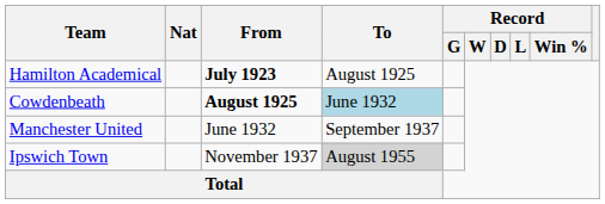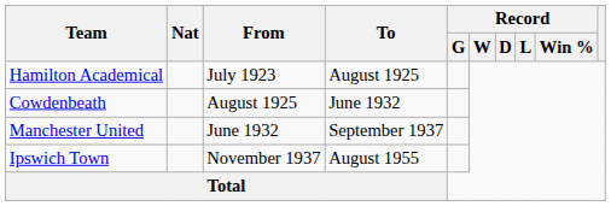 <table class="wikitable" style="text-align:left">
 <tr>
 <th rowspan="2">Team</th>
 <th rowspan="2">Nat</th>
 <th rowspan="2">From</th>
 <th rowspan="2">To</th>
 <th colspan="5">Record</th>
 <th rowspan="2"></th>
 </tr>
 <tr>
 <th>G</th>
 <th>W</th>
 <th>D</th>
 <th>L</th>
 <th>Win %</th>
 </tr>
 <tr>
 <td><a href='#'>Hamilton Academical</a></td>
 <td></td>
-<td><strong>July 1923</strong></td>
+<td>July 1923</td>
 <td>August 1925<br></td>
 <td style="text-align:center"></td>
 </tr>
 <tr>
 <td><a href='#'>Cowdenbeath</a></td>
 <td></td>
-<td><strong>August 1925</strong></td>
-<td style="background: lightblue;">June 1932<br></td>
+<td>August 1925</td>
+<td>June 1932<br></td>
 <td style="text-align:center"></td>
 </tr>
 <tr>
 <td><a href='#'>Manchester United</a></td>
 <td></td>
 <td>June 1932</td>
 <td>September 1937<br></td>
 <td style="text-align:center"></td>
 </tr>
 <tr>
 <td><a href='#'>Ipswich Town</a></td>
 <td></td>
 <td>November 1937</td>
-<td style="background: lightgrey;">August 1955<br></td>
+<td>August 1955<br></td>
 <td style="text-align:center"></td>
 </tr>
 <tr>
 <th colspan="4">Total<br></th>
 </tr>
 </table>
